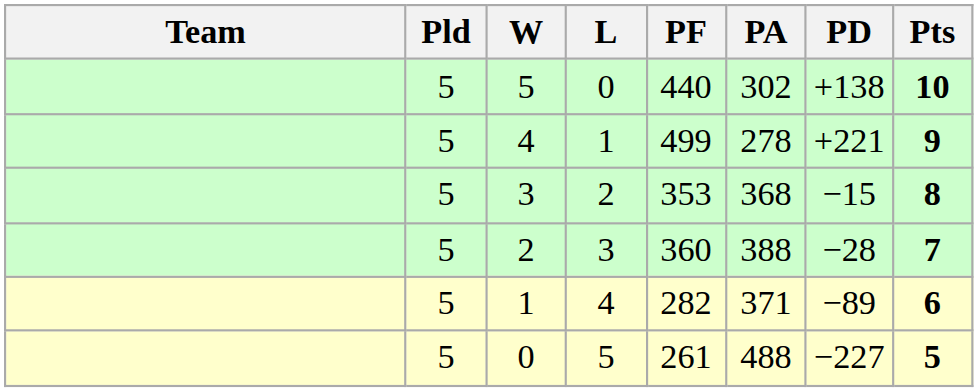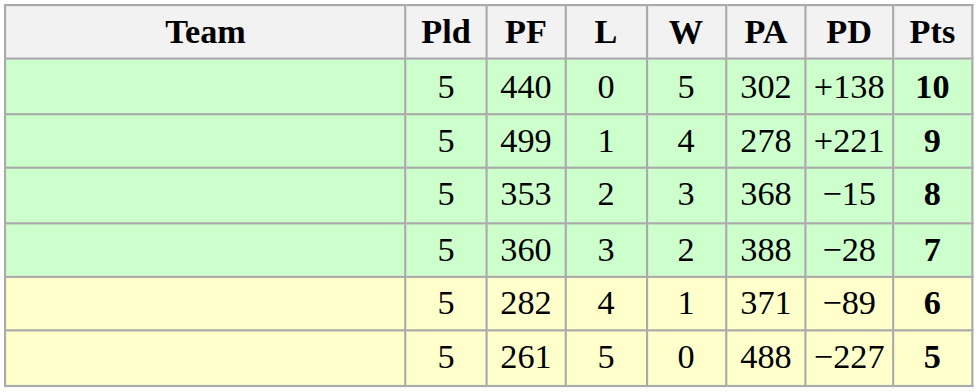 <table class=wikitable style="text-align:center">
 <tr>
 <th width=180>Team</th>
 <th width=30>Pld</th>
+<th width=30>PF</th>
+<th width=30>L</th>
 <th width=30>W</th>
-<th width=30>L</th>
-<th width=30>PF</th>
 <th width=30>PA</th>
 <th width=30>PD</th>
 <th width=30>Pts</th>
 </tr>
 <tr align=center bgcolor="#ccffcc">
 <td align=left></td>
 <td>5</td>
+<td>440</td>
+<td>0</td>
 <td>5</td>
-<td>0</td>
-<td>440</td>
 <td>302</td>
 <td>+138</td>
 <td><strong>10</strong></td>
 </tr>
 <tr align=center bgcolor="#ccffcc">
 <td align=left></td>
 <td>5</td>
+<td>499</td>
+<td>1</td>
 <td>4</td>
-<td>1</td>
-<td>499</td>
 <td>278</td>
 <td>+221</td>
 <td><strong>9</strong></td>
 </tr>
 <tr align=center bgcolor="#ccffcc">
 <td align=left></td>
 <td>5</td>
+<td>353</td>
+<td>2</td>
 <td>3</td>
-<td>2</td>
-<td>353</td>
 <td>368</td>
 <td>−15</td>
 <td><strong>8</strong></td>
 </tr>
 <tr align=center bgcolor="#ccffcc">
 <td align=left></td>
 <td>5</td>
+<td>360</td>
+<td>3</td>
 <td>2</td>
-<td>3</td>
-<td>360</td>
 <td>388</td>
 <td>−28</td>
 <td><strong>7</strong></td>
 </tr>
 <tr align=center bgcolor="#ffffcc">
 <td align=left></td>
 <td>5</td>
+<td>282</td>
+<td>4</td>
 <td>1</td>
-<td>4</td>
-<td>282</td>
 <td>371</td>
 <td>−89</td>
 <td><strong>6</strong></td>
 </tr>
 <tr align=center bgcolor="#ffffcc">
 <td align=left></td>
 <td>5</td>
+<td>261</td>
+<td>5</td>
 <td>0</td>
-<td>5</td>
-<td>261</td>
 <td>488</td>
 <td>−227</td>
 <td><strong>5</strong></td>
 </tr>
 </table>
